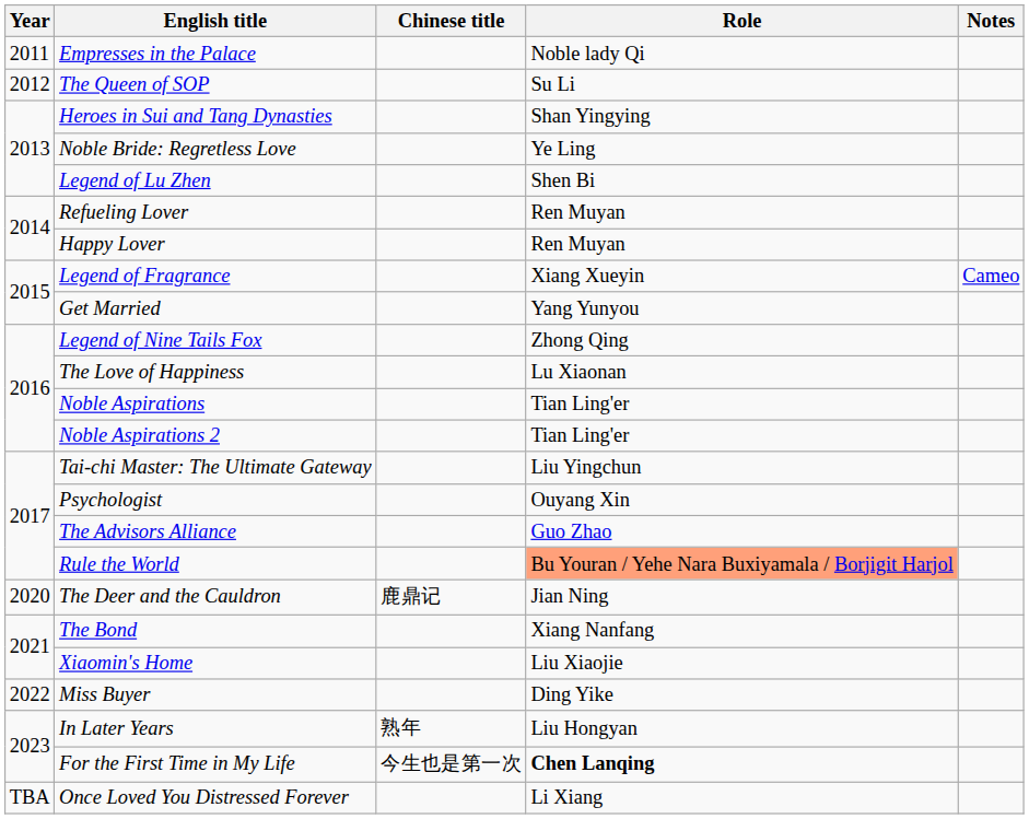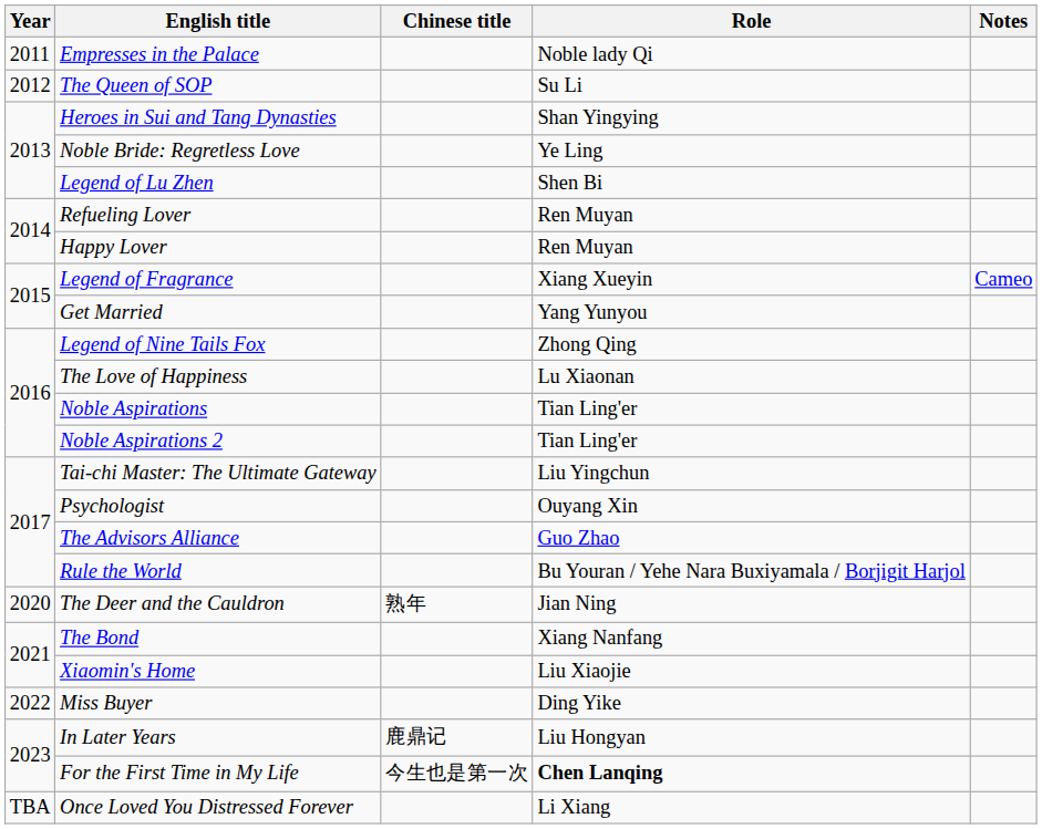 <table class="wikitable">
 <tr>
 <th>Year</th>
 <th>English title</th>
 <th>Chinese title</th>
 <th>Role</th>
 <th>Notes</th>
 </tr>
 <tr>
 <td>2011</td>
 <td><em><a href='#'>Empresses in the Palace</a></em></td>
 <td></td>
 <td>Noble lady Qi</td>
 <td></td>
 </tr>
 <tr>
 <td>2012</td>
 <td><em><a href='#'>The Queen of SOP</a></em></td>
 <td></td>
 <td>Su Li</td>
 <td></td>
 </tr>
 <tr>
 <td rowspan=3>2013</td>
 <td><em><a href='#'>Heroes in Sui and Tang Dynasties</a></em></td>
 <td></td>
 <td>Shan Yingying</td>
 <td></td>
 </tr>
 <tr>
 <td><em>Noble Bride: Regretless Love</em></td>
 <td></td>
 <td>Ye Ling</td>
 <td></td>
 </tr>
 <tr>
 <td><em><a href='#'>Legend of Lu Zhen</a></em></td>
 <td></td>
 <td>Shen Bi</td>
 <td></td>
 </tr>
 <tr>
 <td rowspan=2>2014</td>
 <td><em>Refueling Lover</em></td>
 <td></td>
 <td>Ren Muyan</td>
 <td></td>
 </tr>
 <tr>
 <td><em>Happy Lover</em></td>
 <td></td>
 <td>Ren Muyan</td>
 <td></td>
 </tr>
 <tr>
 <td rowspan=2>2015</td>
 <td><em><a href='#'>Legend of Fragrance</a></em></td>
 <td></td>
 <td>Xiang Xueyin</td>
 <td><a href='#'>Cameo</a></td>
 </tr>
 <tr>
 <td><em>Get Married</em></td>
 <td></td>
 <td>Yang Yunyou</td>
 <td></td>
 </tr>
 <tr>
 <td rowspan=4>2016</td>
 <td><em><a href='#'>Legend of Nine Tails Fox</a></em></td>
 <td></td>
 <td>Zhong Qing</td>
 <td></td>
 </tr>
 <tr>
 <td><em>The Love of Happiness</em></td>
 <td></td>
 <td>Lu Xiaonan</td>
 <td></td>
 </tr>
 <tr>
 <td><em><a href='#'>Noble Aspirations</a></em></td>
 <td></td>
 <td>Tian Ling'er</td>
 <td></td>
 </tr>
 <tr>
 <td><em><a href='#'>Noble Aspirations 2</a></em></td>
 <td></td>
 <td>Tian Ling'er</td>
 <td></td>
 </tr>
 <tr>
 <td rowspan=4>2017</td>
 <td><em>Tai-chi Master: The Ultimate Gateway</em></td>
 <td></td>
 <td>Liu Yingchun</td>
 <td></td>
 </tr>
 <tr>
 <td><em>Psychologist</em></td>
 <td></td>
 <td>Ouyang Xin</td>
 <td></td>
 </tr>
 <tr>
 <td><em><a href='#'>The Advisors Alliance</a></em></td>
 <td></td>
 <td><a href='#'>Guo Zhao</a></td>
 <td></td>
 </tr>
 <tr>
 <td><em><a href='#'>Rule the World</a></em></td>
 <td></td>
-<td style="background: lightsalmon;">Bu Youran / Yehe Nara Buxiyamala / <a href='#'>Borjigit Harjol</a></td>
+<td>Bu Youran / Yehe Nara Buxiyamala / <a href='#'>Borjigit Harjol</a></td>
 <td></td>
 </tr>
 <tr>
 <td>2020</td>
 <td><em>The Deer and the Cauldron</em></td>
-<td>鹿鼎记</td>
+<td>熟年</td>
 <td>Jian Ning</td>
 <td></td>
 </tr>
 <tr>
 <td rowspan=2>2021</td>
 <td><em><a href='#'>The Bond</a></em></td>
 <td></td>
 <td>Xiang Nanfang</td>
 <td></td>
 </tr>
 <tr>
 <td><em><a href='#'>Xiaomin's Home</a></em></td>
 <td></td>
 <td>Liu Xiaojie</td>
 <td></td>
 </tr>
 <tr>
 <td>2022</td>
 <td><em>Miss Buyer</em></td>
 <td></td>
 <td>Ding Yike</td>
 <td></td>
 </tr>
 <tr>
 <td rowspan="2">2023</td>
 <td><em>In Later Years</em></td>
-<td>熟年</td>
+<td>鹿鼎记</td>
 <td>Liu Hongyan</td>
 <td></td>
 </tr>
 <tr>
 <td><em>For the First Time in My Life</em></td>
 <td>今生也是第一次</td>
 <td><strong>Chen Lanqing</strong></td>
 <td></td>
 </tr>
 <tr>
 <td>TBA</td>
 <td><em>Once Loved You Distressed Forever</em></td>
 <td></td>
 <td>Li Xiang</td>
 <td></td>
 </tr>
 </table>
